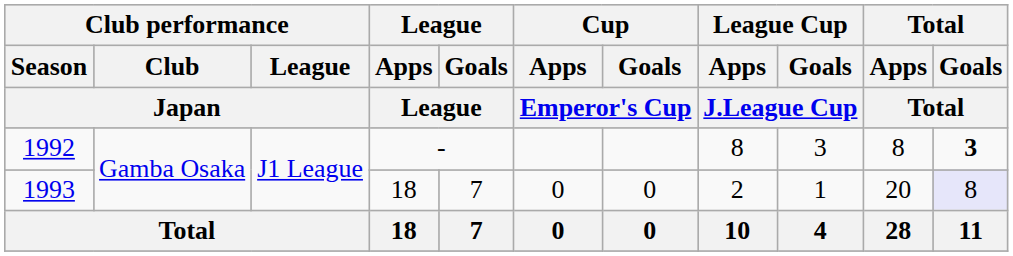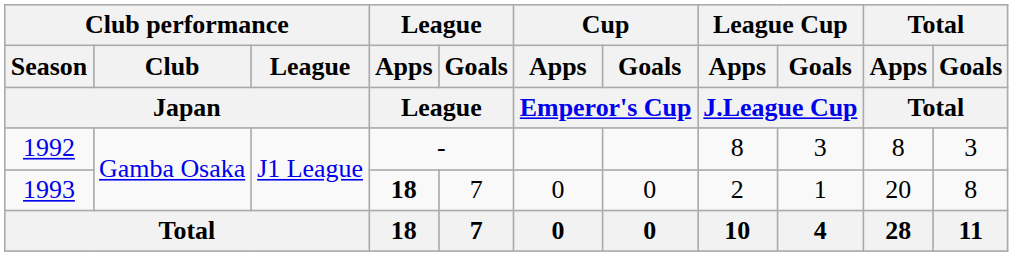 <table class="wikitable" style="text-align:center;">
 <tr>
 <th colspan=3>Club performance</th>
 <th colspan=2>League</th>
 <th colspan=2>Cup</th>
 <th colspan=2>League Cup</th>
 <th colspan=2>Total</th>
 </tr>
 <tr>
 <th>Season</th>
 <th>Club</th>
 <th>League</th>
 <th>Apps</th>
 <th>Goals</th>
 <th>Apps</th>
 <th>Goals</th>
 <th>Apps</th>
 <th>Goals</th>
 <th>Apps</th>
 <th>Goals</th>
 </tr>
 <tr>
 <th colspan=3>Japan</th>
 <th colspan=2>League</th>
 <th colspan=2><a href='#'>Emperor's Cup</a></th>
 <th colspan=2><a href='#'>J.League Cup</a></th>
 <th colspan=2>Total</th>
 </tr>
 <tr>
 <td><a href='#'>1992</a></td>
 <td rowspan="2"><a href='#'>Gamba Osaka</a></td>
 <td rowspan="2"><a href='#'>J1 League</a></td>
 <td colspan="2">-</td>
 <td></td>
 <td></td>
 <td>8</td>
 <td>3</td>
 <td>8</td>
-<td><strong>3</strong></td>
+<td>3</td>
 </tr>
 <tr>
 <td><a href='#'>1993</a></td>
-<td>18</td>
+<td><strong>18</strong></td>
 <td>7</td>
 <td>0</td>
 <td>0</td>
 <td>2</td>
 <td>1</td>
 <td>20</td>
-<td style="background: lavender;">8</td>
+<td>8</td>
 </tr>
 <tr>
 <th colspan=3>Total</th>
 <th>18</th>
 <th>7</th>
 <th>0</th>
 <th>0</th>
 <th>10</th>
 <th>4</th>
 <th>28</th>
 <th>11</th>
 </tr>
 </table>
